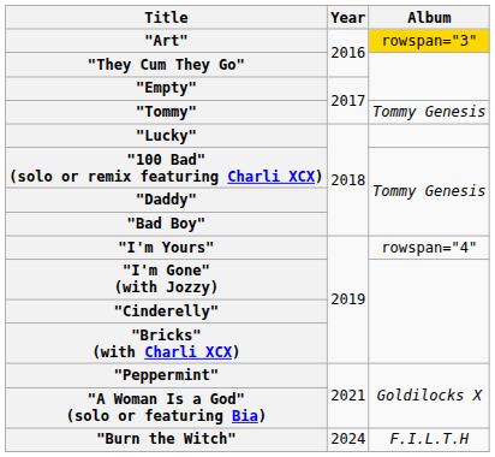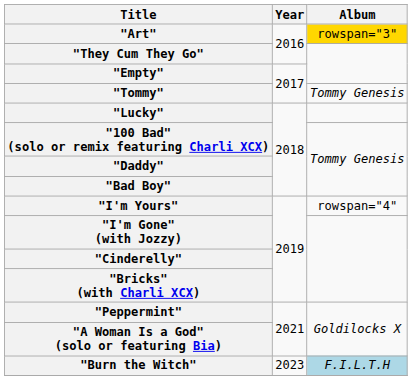 <table class="wikitable plainrowheaders" style="text-align:center;">
 <tr>
 <th>Title</th>
 <th>Year</th>
 <th>Album</th>
 </tr>
 <tr>
 <th scope="row">"Art"</th>
 <td rowspan="2">2016</td>
 <td style="background: gold;">rowspan="3" </td>
 </tr>
 <tr>
 <th scope="row">"They Cum They Go"</th>
 </tr>
 <tr>
 <th scope="row">"Empty"</th>
 <td rowspan="2">2017</td>
 </tr>
 <tr>
 <th scope="row">"Tommy"</th>
 <td rowspan="1"><em>Tommy Genesis</em></td>
 </tr>
 <tr>
 <th scope="row">"Lucky"</th>
 <td rowspan="4">2018</td>
 <td></td>
 </tr>
 <tr>
 <th scope="row">"100 Bad" <br><span>(solo or remix featuring <a href='#'>Charli XCX</a>)</span></th>
 <td rowspan="3"><em>Tommy Genesis</em></td>
 </tr>
 <tr>
 <th scope="row">"Daddy"</th>
 </tr>
 <tr>
 <th scope="row">"Bad Boy"</th>
 </tr>
 <tr>
 <th scope="row">"I'm Yours"</th>
 <td rowspan="4">2019</td>
 <td>rowspan="4" </td>
 </tr>
 <tr>
 <th scope="row">"I'm Gone" <br><span>(with Jozzy)</span></th>
 </tr>
 <tr>
 <th scope="row">"Cinderelly"</th>
 </tr>
 <tr>
 <th scope="row">"Bricks" <br><span>(with <a href='#'>Charli XCX</a>)</span></th>
 </tr>
 <tr>
 <th scope="row">"Peppermint"</th>
 <td rowspan="2">2021</td>
 <td rowspan="2"><em>Goldilocks X</em></td>
 </tr>
 <tr>
 <th scope="row">"A Woman Is a God" <br><span>(solo or featuring <a href='#'>Bia</a>)</span></th>
 </tr>
 <tr>
 <th scope="row">"Burn the Witch" <br> </th>
-<td>2024</td>
-<td><em>F.I.L.T.H</em></td>
+<td>2023</td>
+<td style="background: lightblue;"><em>F.I.L.T.H</em></td>
 </tr>
 <tr>
 </tr>
 </table>
